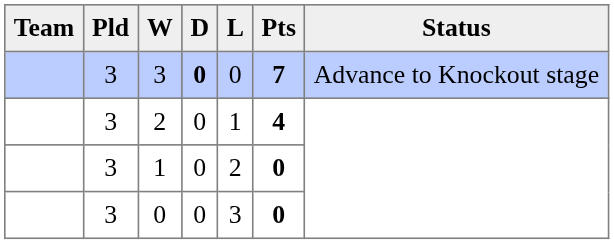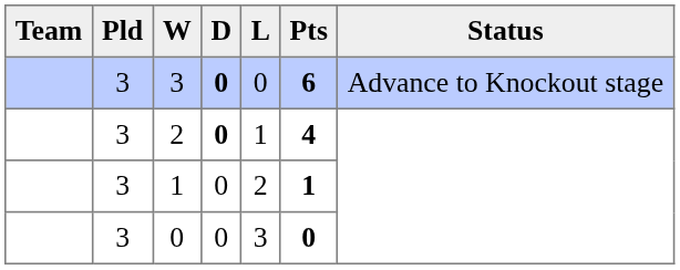 <table style=border-collapse:collapse border=1 cellspacing=0 cellpadding=5>
 <tr align=center bgcolor=#efefef>
 <th>Team</th>
 <th>Pld</th>
 <th>W</th>
 <th>D</th>
 <th>L</th>
 <th>Pts</th>
 <th>Status</th>
 </tr>
 <tr align=center style="background:#bbccff;">
 <td style="text-align:left;"> </td>
 <td>3</td>
 <td>3</td>
 <td><strong>0</strong></td>
 <td>0</td>
-<td><strong>7</strong></td>
+<td><strong>6</strong></td>
 <td rowspan=1>Advance to Knockout stage</td>
 </tr>
 <tr align=center style="background:#FFFFFF;">
 <td style="text-align:left;"> </td>
 <td>3</td>
 <td>2</td>
-<td>0</td>
+<td><strong>0</strong></td>
 <td>1</td>
 <td><strong>4</strong></td>
 <td rowspan=3></td>
 </tr>
 <tr align=center style="background:#FFFFFF;">
 <td style="text-align:left;"> </td>
 <td>3</td>
 <td>1</td>
 <td>0</td>
 <td>2</td>
-<td><strong>0</strong></td>
+<td><strong>1</strong></td>
 </tr>
 <tr align=center style="background:#FFFFFF;">
 <td style="text-align:left;"> </td>
 <td>3</td>
 <td>0</td>
 <td>0</td>
 <td>3</td>
 <td><strong>0</strong></td>
 </tr>
 </table>
